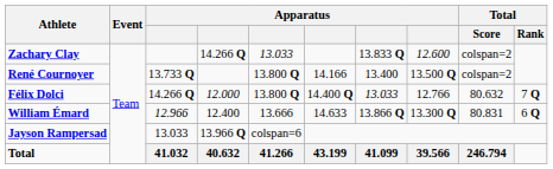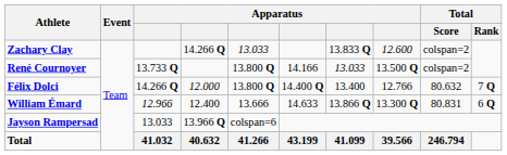 <table class="wikitable" style="font-size:90%">
 <tr>
 <th rowspan=2>Athlete</th>
 <th rowspan=2>Event</th>
 <th colspan=6>Apparatus</th>
 <th colspan=2>Total</th>
 </tr>
 <tr style=font-size:95%>
 <th></th>
 <th></th>
 <th></th>
 <th></th>
 <th></th>
 <th></th>
 <th>Score</th>
 <th>Rank</th>
 </tr>
 <tr align=center>
 <td align=left><strong><a href='#'>Zachary Clay</a></strong></td>
 <td align=left rowspan=6><a href='#'>Team</a></td>
 <td></td>
 <td>14.266 <strong>Q</strong></td>
 <td><em>13.033</em></td>
 <td></td>
 <td>13.833 <strong>Q</strong></td>
 <td><em>12.600</em></td>
 <td>colspan=2 </td>
 </tr>
 <tr align=center>
 <td align=left><strong><a href='#'>René Cournoyer</a></strong></td>
 <td>13.733 <strong>Q</strong></td>
 <td></td>
 <td>13.800 <strong>Q</strong></td>
 <td>14.166</td>
-<td>13.400</td>
+<td><em>13.033</em></td>
 <td>13.500 <strong>Q</strong></td>
 <td>colspan=2 </td>
 </tr>
 <tr align=center>
 <td align=left><strong><a href='#'>Félix Dolci</a></strong></td>
 <td>14.266 <strong>Q</strong></td>
 <td><em>12.000</em></td>
 <td>13.800 <strong>Q</strong></td>
 <td>14.400 <strong>Q</strong></td>
-<td><em>13.033</em></td>
+<td>13.400</td>
 <td>12.766</td>
 <td>80.632</td>
 <td>7 <strong>Q</strong></td>
 </tr>
 <tr align=center>
 <td align=left><strong><a href='#'>William Émard</a></strong></td>
 <td><em>12.966</em></td>
 <td>12.400</td>
 <td>13.666</td>
 <td>14.633</td>
 <td>13.866 <strong>Q</strong></td>
 <td>13.300 <strong>Q</strong></td>
 <td>80.831</td>
 <td>6 <strong>Q</strong></td>
 </tr>
 <tr align=center>
 <td align=left><strong><a href='#'>Jayson Rampersad</a></strong></td>
 <td>13.033</td>
 <td>13.966 <strong>Q</strong></td>
 <td>colspan=6 </td>
 </tr>
 <tr align=center>
 <td align=left><strong>Total</strong></td>
 <th>41.032</th>
 <th>40.632</th>
 <th>41.266</th>
 <th>43.199</th>
 <th>41.099</th>
 <th>39.566</th>
 <th>246.794</th>
 <td></td>
 </tr>
 </table>
